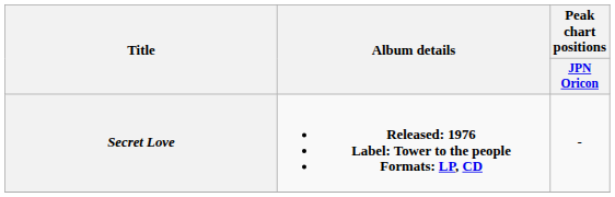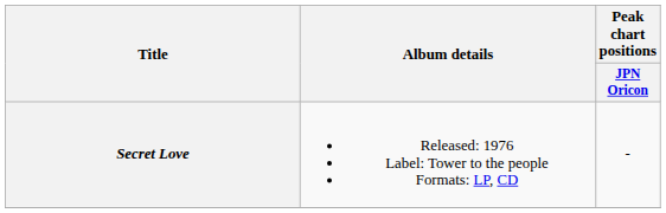 <table class="wikitable plainrowheaders" style="text-align:center;">
 <tr>
 <th scope="col" rowspan="2" style="width:19em;">Title</th>
 <th scope="col" rowspan="2" style="width:19em;">Album details</th>
 <th scope="col">Peak chart positions</th>
 </tr>
 <tr>
 <th scope="col" style="width:2.9em;font-size:90%;"><a href='#'>JPN<br>Oricon</a><br></th>
 </tr>
 <tr>
 <th scope="row"><em>Secret Love</em></th>
-<td><strong><br><ul><li>Released: 1976</li><li>Label: Tower to the people</li><li>Formats: <a href='#'>LP</a>, <a href='#'>CD</a></li></ul></strong></td>
+<td><br><ul><li>Released: 1976</li><li>Label: Tower to the people</li><li>Formats: <a href='#'>LP</a>, <a href='#'>CD</a></li></ul></td>
 <td>-</td>
 </tr>
 <tr>
 </tr>
 </table>
